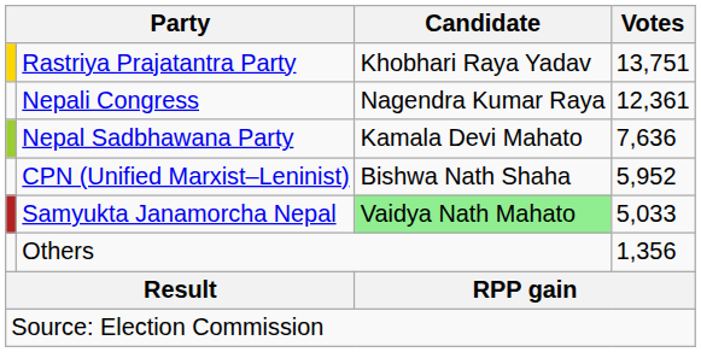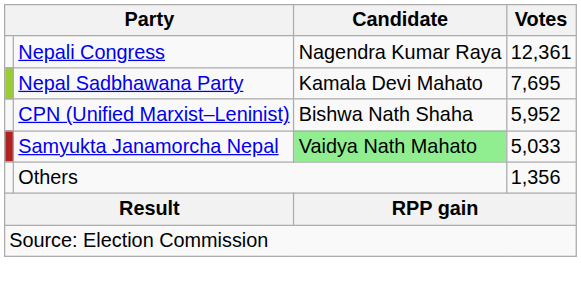 <table class="wikitable">
 <tr>
 <th colspan="2">Party</th>
 <th>Candidate</th>
 <th>Votes</th>
-</tr>
-<tr>
-<td style="background-color:gold"></td>
-<td><a href='#'>Rastriya Prajatantra Party</a></td>
-<td>Khobhari Raya Yadav</td>
-<td>13,751</td>
 </tr>
 <tr>
 <td style="background-color:"></td>
 <td><a href='#'>Nepali Congress</a></td>
 <td>Nagendra Kumar Raya</td>
 <td>12,361</td>
 </tr>
 <tr>
 <td style="background-color:yellowgreen"></td>
 <td><a href='#'>Nepal Sadbhawana Party</a></td>
 <td>Kamala Devi Mahato</td>
-<td>7,636</td>
+<td>7,695</td>
 </tr>
 <tr>
 <td style="background-color:"></td>
 <td><a href='#'>CPN (Unified Marxist–Leninist)</a></td>
 <td>Bishwa Nath Shaha</td>
 <td>5,952</td>
 </tr>
 <tr>
 <td style="background-color:firebrick"></td>
 <td><a href='#'>Samyukta Janamorcha Nepal</a></td>
 <td style="background: lightgreen;">Vaidya Nath Mahato</td>
 <td>5,033</td>
 </tr>
 <tr>
 <td></td>
 <td colspan="2">Others</td>
 <td>1,356</td>
 </tr>
 <tr>
 <th colspan="2">Result</th>
 <th colspan="2">RPP gain</th>
 </tr>
 <tr>
 <td colspan="4">Source: Election Commission</td>
 </tr>
 </table>
